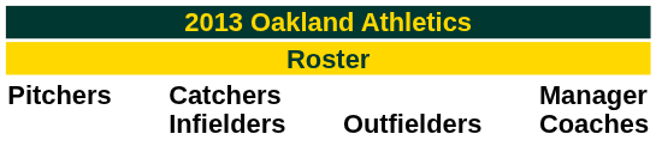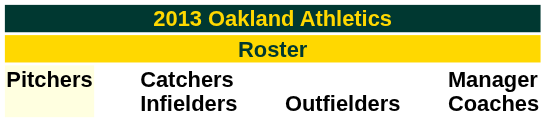 <table class="toccolours" style="font-size: 95%;">
 <tr>
 <th colspan="10" style="background:#003831; color:#ffd800; text-align:center;">2013 Oakland Athletics</th>
 </tr>
 <tr>
 <td colspan="10" style="background:#ffd800; color:#003831; text-align:center;"><strong>Roster</strong></td>
 </tr>
 <tr>
-<td valign="top"><strong>Pitchers</strong><br>                 </td>
+<td valign="top" style="background: lightyellow;"><strong>Pitchers</strong><br>                 </td>
 <td style="width:25px;"></td>
 <td valign="top"><strong>Catchers</strong><br>    <strong>Infielders</strong>              </td>
 <td style="width:25px;"></td>
 <td valign="top"><br><strong>Outfielders</strong>        </td>
 <td style="width:25px;"></td>
 <td valign="top"><strong>Manager</strong><br> <strong>Coaches</strong>              </td>
 </tr>
 </table>
